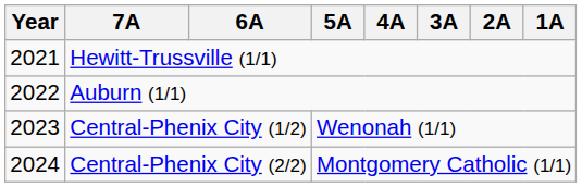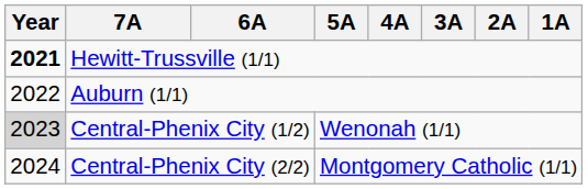 <table class="wikitable">
 <tr>
 <th>Year</th>
 <th>7A</th>
 <th>6A</th>
 <th>5A</th>
 <th>4A</th>
 <th>3A</th>
 <th>2A</th>
 <th>1A</th>
 </tr>
 <tr>
-<td>2021</td>
+<td><strong>2021</strong></td>
 <td colspan="7"><a href='#'>Hewitt-Trussville</a> <small>(1/1)</small></td>
 </tr>
 <tr>
 <td>2022</td>
 <td colspan="7"><a href='#'>Auburn</a> <small>(1/1)</small></td>
 </tr>
 <tr>
-<td>2023</td>
+<td style="background: lightgrey;">2023</td>
 <td colspan="2"><a href='#'>Central-Phenix City</a> <small>(1/2)</small></td>
 <td colspan="5"><a href='#'>Wenonah</a> <small>(1/1)</small></td>
 </tr>
 <tr>
 <td>2024</td>
 <td colspan="2"><a href='#'>Central-Phenix City</a> <small>(2/2)</small></td>
 <td colspan="5"><a href='#'>Montgomery Catholic</a> <small>(1/1)</small></td>
 </tr>
 </table>
